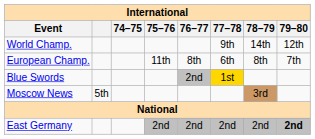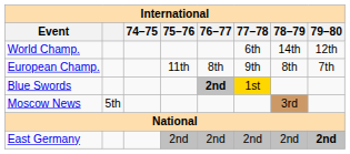 <table class="wikitable" style="text-align:center">
 <tr>
 <th style="background-color: #ffdead; " colspan=8 align=center>International</th>
 </tr>
 <tr>
 <th>Event</th>
 <th></th>
 <th>74–75</th>
 <th>75–76</th>
 <th>76–77</th>
 <th>77–78</th>
 <th>78–79</th>
 <th>79–80</th>
 </tr>
 <tr>
 <td align=left><a href='#'>World Champ.</a></td>
 <td></td>
 <td></td>
 <td></td>
 <td></td>
-<td>9th</td>
+<td>6th</td>
 <td>14th</td>
 <td>12th</td>
 </tr>
 <tr>
 <td align=left><a href='#'>European Champ.</a></td>
 <td></td>
 <td></td>
 <td>11th</td>
 <td>8th</td>
-<td>6th</td>
+<td>9th</td>
 <td>8th</td>
 <td>7th</td>
 </tr>
 <tr>
 <td align=left><a href='#'>Blue Swords</a></td>
 <td></td>
 <td></td>
 <td></td>
-<td bgcolor=silver>2nd</td>
+<td bgcolor=silver><strong>2nd</strong></td>
 <td bgcolor=gold>1st</td>
 <td></td>
 <td></td>
 </tr>
 <tr>
 <td align=left><a href='#'>Moscow News</a></td>
 <td>5th</td>
 <td></td>
 <td></td>
 <td></td>
 <td></td>
 <td bgcolor=cc9966>3rd</td>
 <td></td>
 </tr>
 <tr>
 <th style="background-color: #ffdead; " colspan=8 align=center>National</th>
 </tr>
 <tr>
 <td align=left><a href='#'>East Germany</a></td>
 <td></td>
 <td></td>
 <td bgcolor=silver>2nd</td>
 <td bgcolor=silver>2nd</td>
 <td bgcolor=silver>2nd</td>
 <td bgcolor=silver>2nd</td>
 <td bgcolor=silver><strong>2nd</strong></td>
 </tr>
 </table>
